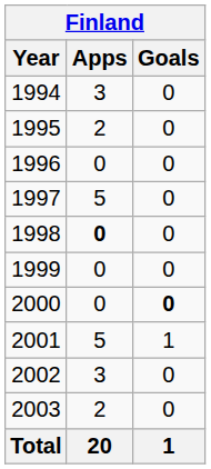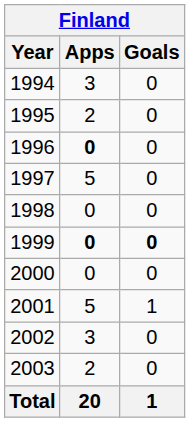 <table class=wikitable style=text-align:center>
 <tr>
 <th colspan=4><a href='#'>Finland</a></th>
 </tr>
 <tr>
 <th>Year</th>
 <th>Apps</th>
 <th>Goals</th>
 </tr>
 <tr>
 <td>1994</td>
 <td>3</td>
 <td>0</td>
 </tr>
 <tr>
 <td>1995</td>
 <td>2</td>
 <td>0</td>
 </tr>
 <tr>
 <td>1996</td>
-<td>0</td>
+<td><strong>0</strong></td>
 <td>0</td>
 </tr>
 <tr>
 <td>1997</td>
 <td>5</td>
 <td>0</td>
 </tr>
 <tr>
 <td>1998</td>
-<td><strong>0</strong></td>
+<td>0</td>
 <td>0</td>
 </tr>
 <tr>
 <td>1999</td>
-<td>0</td>
-<td>0</td>
+<td><strong>0</strong></td>
+<td><strong>0</strong></td>
 </tr>
 <tr>
 <td>2000</td>
 <td>0</td>
-<td><strong>0</strong></td>
+<td>0</td>
 </tr>
 <tr>
 <td>2001</td>
 <td>5</td>
 <td>1</td>
 </tr>
 <tr>
 <td>2002</td>
 <td>3</td>
 <td>0</td>
 </tr>
 <tr>
 <td>2003</td>
 <td>2</td>
 <td>0</td>
 </tr>
 <tr>
 <th colspan=1>Total</th>
 <th>20</th>
 <th>1</th>
 </tr>
 </table>
